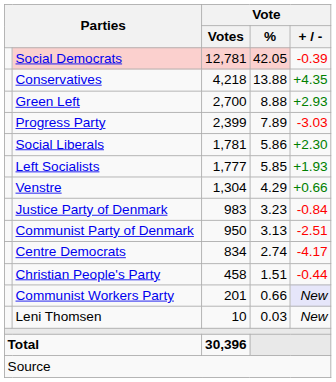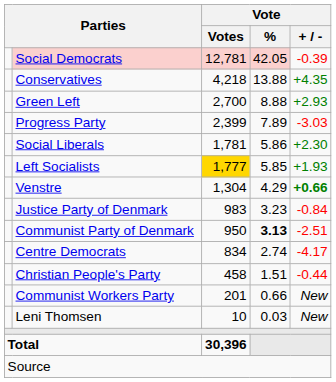 <table class="wikitable" style="text-align:right;">
 <tr>
 <th style="text-align:centre;" rowspan="2" colspan="2" width="225">Parties</th>
 <th colspan="3">Vote</th>
 </tr>
 <tr>
 <th width="15">Votes</th>
 <th width="15">%</th>
 <th width="15">+ / -</th>
 </tr>
 <tr>
 <td width="2" style="color:inherit;background:"></td>
 <td bgcolor=#fbd0ce  align="left"><a href='#'>Social Democrats</a></td>
 <td bgcolor=#fbd0ce>12,781</td>
 <td bgcolor=#fbd0ce>42.05</td>
 <td style=color:red;>-0.39</td>
 </tr>
 <tr>
 <td width="2" style="color:inherit;background:"></td>
 <td align="left"><a href='#'>Conservatives</a></td>
 <td>4,218</td>
 <td>13.88</td>
 <td style=color:green;>+4.35</td>
 </tr>
 <tr>
 <td width="2" style="color:inherit;background:"></td>
 <td align="left"><a href='#'>Green Left</a></td>
 <td>2,700</td>
 <td>8.88</td>
 <td style=color:green;>+2.93</td>
 </tr>
 <tr>
 <td width="2" style="color:inherit;background:"></td>
 <td align="left"><a href='#'>Progress Party</a></td>
 <td>2,399</td>
 <td>7.89</td>
 <td style=color:red;>-3.03</td>
 </tr>
 <tr>
 <td width="2" style="color:inherit;background:"></td>
 <td align="left"><a href='#'>Social Liberals</a></td>
 <td>1,781</td>
 <td>5.86</td>
 <td style=color:green;>+2.30</td>
 </tr>
 <tr>
 <td width="2" style="color:inherit;background:"></td>
 <td align="left"><a href='#'>Left Socialists</a></td>
-<td>1,777</td>
+<td style="background: gold;">1,777</td>
 <td>5.85</td>
 <td style=color:green;>+1.93</td>
 </tr>
 <tr>
 <td width="2" style="color:inherit;background:"></td>
 <td align="left"><a href='#'>Venstre</a></td>
 <td>1,304</td>
 <td>4.29</td>
-<td style=color:green;>+0.66</td>
+<td style=color:green;><strong>+0.66</strong></td>
 </tr>
 <tr>
 <td width="2" style="color:inherit;background:"></td>
 <td align="left"><a href='#'>Justice Party of Denmark</a></td>
 <td>983</td>
 <td>3.23</td>
 <td style=color:red;>-0.84</td>
 </tr>
 <tr>
 <td width="2" style="color:inherit;background:"></td>
 <td align="left"><a href='#'>Communist Party of Denmark</a></td>
 <td>950</td>
-<td>3.13</td>
+<td><strong>3.13</strong></td>
 <td style=color:red;>-2.51</td>
 </tr>
 <tr>
 <td width="2" style="color:inherit;background:"></td>
 <td align="left"><a href='#'>Centre Democrats</a></td>
 <td>834</td>
 <td>2.74</td>
 <td style=color:red;>-4.17</td>
 </tr>
 <tr>
 <td width="2" style="color:inherit;background:"></td>
 <td align="left"><a href='#'>Christian People's Party</a></td>
 <td>458</td>
 <td>1.51</td>
 <td style=color:red;>-0.44</td>
 </tr>
 <tr>
 <td width="2" style="color:inherit;background:"></td>
 <td align="left"><a href='#'>Communist Workers Party</a></td>
 <td>201</td>
 <td>0.66</td>
-<td style="background: lavender;"><em>New</em></td>
+<td><em>New</em></td>
 </tr>
 <tr>
 <td width="2" style="color:inherit;background:"></td>
 <td align="left">Leni Thomsen</td>
 <td>10</td>
 <td>0.03</td>
 <td><em>New</em></td>
 </tr>
 <tr>
 <td colspan="7" bgcolor="#E9E9E9"></td>
 </tr>
 <tr>
 <td align="left" colspan="2"><strong>Total</strong></td>
 <td><strong>30,396</strong></td>
 <td bgcolor="#E9E9E9" colspan="2"></td>
 </tr>
 <tr>
 <td align="left" colspan="6">Source</td>
 </tr>
 </table>
